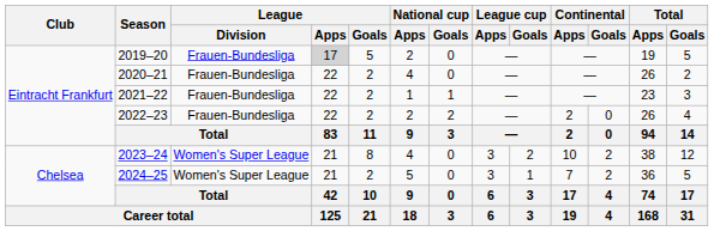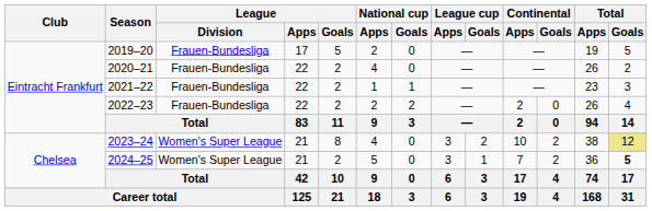 <table class="wikitable" style="text-align:center">
 <tr>
 <th rowspan="2">Club</th>
 <th rowspan="2">Season</th>
 <th colspan="3">League</th>
 <th colspan="2">National cup</th>
 <th colspan="2">League cup</th>
 <th colspan="2">Continental</th>
 <th colspan="2">Total</th>
 </tr>
 <tr>
 <th>Division</th>
 <th>Apps</th>
 <th>Goals</th>
 <th>Apps</th>
 <th>Goals</th>
 <th>Apps</th>
 <th>Goals</th>
 <th>Apps</th>
 <th>Goals</th>
 <th>Apps</th>
 <th>Goals</th>
 </tr>
 <tr>
 <td rowspan="5"><a href='#'>Eintracht Frankfurt</a></td>
 <td>2019–20</td>
 <td><a href='#'>Frauen-Bundesliga</a></td>
-<td style="background: lightgrey;">17</td>
+<td>17</td>
 <td>5</td>
 <td>2</td>
 <td>0</td>
 <td colspan="2">—</td>
 <td colspan="2">—</td>
 <td>19</td>
 <td>5</td>
 </tr>
 <tr>
 <td>2020–21</td>
 <td>Frauen-Bundesliga</td>
 <td>22</td>
 <td>2</td>
 <td>4</td>
 <td>0</td>
 <td colspan="2">—</td>
 <td colspan="2">—</td>
 <td>26</td>
 <td>2</td>
 </tr>
 <tr>
 <td>2021–22</td>
 <td>Frauen-Bundesliga</td>
 <td>22</td>
 <td>2</td>
 <td>1</td>
 <td>1</td>
 <td colspan="2">—</td>
 <td colspan="2">—</td>
 <td>23</td>
 <td>3</td>
 </tr>
 <tr>
 <td>2022–23</td>
 <td>Frauen-Bundesliga</td>
 <td>22</td>
 <td>2</td>
 <td>2</td>
 <td>2</td>
 <td colspan="2">—</td>
 <td>2</td>
 <td>0</td>
 <td>26</td>
 <td>4</td>
 </tr>
 <tr>
 <th colspan="2">Total</th>
 <th>83</th>
 <th>11</th>
 <th>9</th>
 <th>3</th>
 <th colspan="2">—</th>
 <th>2</th>
 <th>0</th>
 <th>94</th>
 <th>14</th>
 </tr>
 <tr>
 <td rowspan="3"><a href='#'>Chelsea</a></td>
 <td><a href='#'>2023–24</a></td>
 <td><a href='#'>Women's Super League</a></td>
 <td>21</td>
 <td>8</td>
 <td>4</td>
 <td>0</td>
 <td>3</td>
 <td>2</td>
 <td>10</td>
 <td>2</td>
 <td>38</td>
-<td>12</td>
+<td style="background: khaki;">12</td>
 </tr>
 <tr>
 <td><a href='#'>2024–25</a></td>
 <td>Women's Super League</td>
 <td>21</td>
 <td>2</td>
 <td>5</td>
 <td>0</td>
 <td>3</td>
 <td>1</td>
 <td>7</td>
 <td>2</td>
 <td>36</td>
-<td>5</td>
+<td><strong>5</strong></td>
 </tr>
 <tr>
 <th colspan="2">Total</th>
 <th>42</th>
 <th>10</th>
 <th>9</th>
 <th>0</th>
 <th>6</th>
 <th>3</th>
 <th>17</th>
 <th>4</th>
 <th>74</th>
 <th>17</th>
 </tr>
 <tr>
 <th colspan="3">Career total</th>
 <th>125</th>
 <th>21</th>
 <th>18</th>
 <th>3</th>
 <th>6</th>
 <th>3</th>
 <th>19</th>
 <th>4</th>
 <th>168</th>
 <th>31</th>
 </tr>
 </table>
